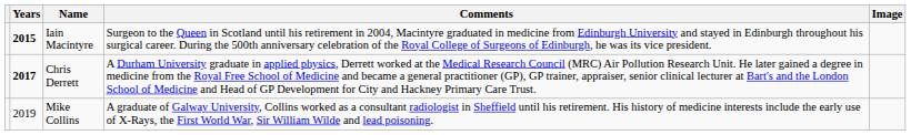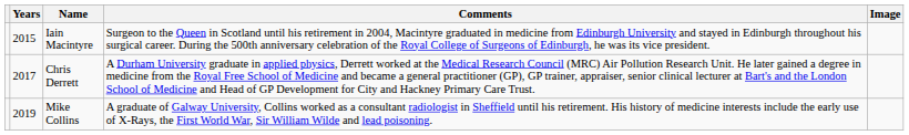 <table class="wikitable">
 <tr>
 <th></th>
 <th>Years</th>
 <th>Name</th>
 <th>Comments</th>
 <th>Image</th>
 </tr>
 <tr mdy>
 <td></td>
-<td><strong>2015</strong></td>
+<td>2015</td>
 <td>Iain Macintyre</td>
 <td>Surgeon to the <a href='#'>Queen</a> in Scotland until his retirement in 2004, Macintyre graduated in medicine from <a href='#'>Edinburgh University</a> and stayed in Edinburgh throughout his surgical career. During the 500th anniversary celebration of the <a href='#'>Royal College of Surgeons of Edinburgh</a>, he was its vice president.</td>
 </tr>
 <tr>
 <td></td>
-<td><strong>2017</strong></td>
+<td>2017</td>
 <td>Chris Derrett</td>
 <td>A <a href='#'>Durham University</a> graduate in <a href='#'>applied physics</a>, Derrett worked at the <a href='#'>Medical Research Council</a> (MRC) Air Pollution Research Unit. He later gained a degree in medicine from the <a href='#'>Royal Free School of Medicine</a> and became a general practitioner (GP), GP trainer, appraiser, senior clinical lecturer at <a href='#'>Bart's and the London School of Medicine</a> and Head of GP Development for City and Hackney Primary Care Trust.</td>
 <td></td>
 </tr>
 <tr>
 <td></td>
 <td>2019</td>
 <td>Mike Collins</td>
 <td>A graduate of <a href='#'>Galway University</a>, Collins worked as a consultant <a href='#'>radiologist</a> in <a href='#'>Sheffield</a> until his retirement. His history of medicine interests include the early use of X-Rays, the <a href='#'>First World War</a>, <a href='#'>Sir William Wilde</a> and <a href='#'>lead poisoning</a>.</td>
 <td></td>
 </tr>
 </table>
